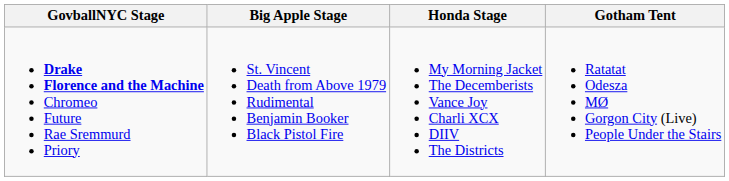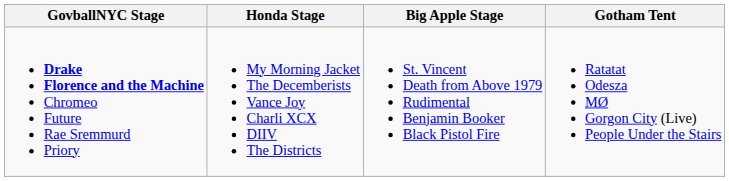 <table class="wikitable">
 <tr>
 <th>GovballNYC Stage</th>
+<th>Honda Stage</th>
 <th>Big Apple Stage</th>
-<th>Honda Stage</th>
 <th>Gotham Tent</th>
 </tr>
 <tr valign="top">
 <td><br><ul><li><strong><a href='#'>Drake</a></strong></li><li><strong><a href='#'>Florence and the Machine</a></strong></li><li><a href='#'>Chromeo</a></li><li><a href='#'>Future</a></li><li><a href='#'>Rae Sremmurd</a></li><li><a href='#'>Priory</a></li></ul></td>
+<td><br><ul><li><a href='#'>My Morning Jacket</a></li><li><a href='#'>The Decemberists</a></li><li><a href='#'>Vance Joy</a></li><li><a href='#'>Charli XCX</a></li><li><a href='#'>DIIV</a></li><li><a href='#'>The Districts</a></li></ul></td>
 <td><br><ul><li><a href='#'>St. Vincent</a></li><li><a href='#'>Death from Above 1979</a></li><li><a href='#'>Rudimental</a></li><li><a href='#'>Benjamin Booker</a></li><li><a href='#'>Black Pistol Fire</a></li></ul></td>
-<td><br><ul><li><a href='#'>My Morning Jacket</a></li><li><a href='#'>The Decemberists</a></li><li><a href='#'>Vance Joy</a></li><li><a href='#'>Charli XCX</a></li><li><a href='#'>DIIV</a></li><li><a href='#'>The Districts</a></li></ul></td>
 <td><br><ul><li><a href='#'>Ratatat</a></li><li><a href='#'>Odesza</a></li><li><a href='#'>MØ</a></li><li><a href='#'>Gorgon City</a> (Live)</li><li><a href='#'>People Under the Stairs</a></li></ul></td>
 </tr>
 </table>
